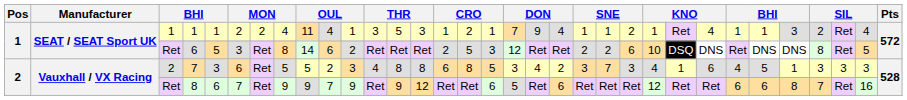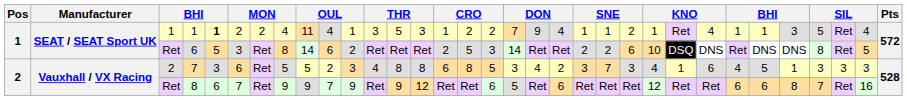 <table class="wikitable" style="font-size: 85%; text-align: center;">
 <tr valign="top">
 <th valign="middle">Pos</th>
 <th valign="middle">Manufacturer</th>
 <th colspan="3"><a href='#'>BHI</a></th>
 <th colspan="3"><a href='#'>MON</a></th>
 <th colspan="3"><a href='#'>OUL</a></th>
 <th colspan="3"><a href='#'>THR</a></th>
 <th colspan="3"><a href='#'>CRO</a></th>
 <th colspan="3"><a href='#'>DON</a></th>
 <th colspan="3"><a href='#'>SNE</a></th>
 <th colspan="3"><a href='#'>KNO</a></th>
 <th colspan="3"><a href='#'>BHI</a></th>
 <th colspan="3"><a href='#'>SIL</a></th>
 <th valign=middle>Pts</th>
 </tr>
 <tr>
 <th rowspan=2>1</th>
 <th rowspan=2 align=left nowrap><a href='#'>SEAT</a> / <a href='#'>SEAT Sport UK</a></th>
 <td style="background:#FFFFBF;" width="20">1</td>
 <td style="background:#FFFFBF;" width="20">1</td>
-<td style="background:#FFFFBF;" width="20">1</td>
+<td style="background:#FFFFBF;" width="20"><strong>1</strong></td>
 <td style="background:#FFFFBF;" width="20">2</td>
 <td style="background:#FFFFBF;" width="20">2</td>
 <td style="background:#FFFFBF;" width="20">4</td>
 <td style="background:#FFDF9F;">11</td>
 <td style="background:#DFDFDF;">4</td>
 <td style="background:#FFFFBF;" width="20">1</td>
 <td style="background:#FFFFBF;" width="20">3</td>
 <td style="background:#FFFFBF;" width="20">5</td>
 <td style="background:#FFFFBF;" width="20">3</td>
 <td style="background:#FFFFBF;" width="20">1</td>
 <td style="background:#FFFFBF;" width="20">2</td>
-<td style="background:#FFFFBF;" width="20">1</td>
+<td style="background:#FFFFBF;" width="20">2</td>
 <td style="background:#FFDF9F;">7</td>
 <td style="background:#DFDFDF;">9</td>
 <td style="background:#DFDFDF;">4</td>
 <td style="background:#FFFFBF;" width="20">1</td>
 <td style="background:#FFFFBF;" width="20">1</td>
 <td style="background:#FFFFBF;" width="20">2</td>
 <td style="background:#FFFFBF;" width="20">1</td>
 <td style="background:#EFCFFF;">Ret</td>
 <td style="background:#FFFFBF;" width="20">4</td>
 <td style="background:#FFFFBF;" width="20">1</td>
 <td style="background:#FFFFBF;" width="20">1</td>
 <td style="background:#DFDFDF;">3</td>
-<td style="background:#DFDFDF;">2</td>
+<td style="background:#DFDFDF;">5</td>
 <td style="background:#EFCFFF;">Ret</td>
 <td style="background:#DFDFDF;">4</td>
 <th rowspan=2>572</th>
 </tr>
 <tr>
 <td style="background:#EFCFFF;">Ret</td>
 <td style="background:#DFDFDF;">6</td>
 <td style="background:#FFDF9F;">5</td>
 <td style="background:#DFDFDF;">3</td>
 <td style="background:#EFCFFF;">Ret</td>
 <td style="background:#FFDF9F;">8</td>
 <td style="background:#DFFFDF;">14</td>
 <td style="background:#FFDF9F;">6</td>
 <td style="background:#DFDFDF;">2</td>
 <td style="background:#EFCFFF;">Ret</td>
 <td style="background:#EFCFFF;">Ret</td>
 <td style="background:#EFCFFF;">Ret</td>
 <td style="background:#DFDFDF;">2</td>
 <td style="background:#DFDFDF;">5</td>
 <td style="background:#DFDFDF;">3</td>
-<td style="background:#DFFFDF;">12</td>
+<td style="background:#DFFFDF;">14</td>
 <td style="background:#EFCFFF;">Ret</td>
 <td style="background:#EFCFFF;">Ret</td>
 <td style="background:#DFDFDF;">2</td>
 <td style="background:#DFDFDF;">2</td>
 <td style="background:#FFDF9F;">6</td>
 <td style="background:#FFDF9F;">10</td>
 <td style="background:#000000; color:white">DSQ</td>
 <td style="background:#ffffff;">DNS</td>
 <td style="background:#EFCFFF;">Ret</td>
 <td style="background:#ffffff;">DNS</td>
 <td style="background:#ffffff;">DNS</td>
 <td style="background:#DFFFDF;">8</td>
 <td style="background:#EFCFFF;">Ret</td>
 <td style="background:#FFDF9F;">5</td>
 </tr>
 <tr>
 <th rowspan=2>2</th>
 <th rowspan=2 align=left><a href='#'>Vauxhall</a> / <a href='#'>VX Racing</a></th>
 <td style="background:#DFDFDF;">2</td>
 <td style="background:#FFDF9F;">7</td>
 <td style="background:#DFDFDF;">3</td>
 <td style="background:#FFDF9F;">6</td>
 <td style="background:#EFCFFF;">Ret</td>
 <td style="background:#DFDFDF;">5</td>
 <td style="background:#FFFFBF;" width="20">5</td>
 <td style="background:#FFFFBF;" width="20">2</td>
 <td style="background:#FFDF9F;">3</td>
 <td style="background:#DFDFDF;">4</td>
 <td style="background:#DFDFDF;">8</td>
 <td style="background:#DFDFDF;">8</td>
 <td style="background:#FFDF9F;">6</td>
 <td style="background:#FFDF9F;">8</td>
 <td style="background:#FFDF9F;">5</td>
 <td style="background:#FFFFBF;" width="20">3</td>
 <td style="background:#FFFFBF;" width="20">4</td>
 <td style="background:#FFFFBF;" width="20">2</td>
 <td style="background:#FFDF9F;">3</td>
 <td style="background:#FFDF9F;">7</td>
 <td style="background:#DFDFDF;">3</td>
 <td style="background:#DFDFDF;">4</td>
 <td style="background:#FFFFBF;" width="20">1</td>
 <td style="background:#DFDFDF;">6</td>
 <td style="background:#DFDFDF;">4</td>
 <td style="background:#DFDFDF;">5</td>
 <td style="background:#FFFFBF;" width="20">1</td>
 <td style="background:#FFFFBF;" width="20">3</td>
 <td style="background:#FFFFBF;" width="20">3</td>
 <td style="background:#FFFFBF;" width="20">3</td>
 <th rowspan=2>528</th>
 </tr>
 <tr>
 <td style="background:#EFCFFF;">Ret</td>
 <td style="background:#DFFFDF;">8</td>
 <td style="background:#DFFFDF;">6</td>
 <td style="background:#DFFFDF;">7</td>
 <td style="background:#EFCFFF;">Ret</td>
 <td style="background:#DFFFDF;">9</td>
 <td style="background:#DFDFDF;">9</td>
 <td style="background:#DFFFDF;">7</td>
 <td style="background:#DFFFDF;">9</td>
 <td style="background:#EFCFFF;">Ret</td>
 <td style="background:#FFDF9F;">9</td>
 <td style="background:#FFDF9F;">12</td>
 <td style="background:#EFCFFF;">Ret</td>
 <td style="background:#EFCFFF;">Ret</td>
 <td style="background:#DFFFDF;">6</td>
 <td style="background:#DFDFDF;">5</td>
 <td style="background:#EFCFFF;">Ret</td>
 <td style="background:#FFDF9F;">6</td>
 <td style="background:#EFCFFF;">Ret</td>
 <td style="background:#EFCFFF;">Ret</td>
 <td style="background:#EFCFFF;">Ret</td>
 <td style="background:#DFFFDF;">12</td>
 <td style="background:#EFCFFF;">Ret</td>
 <td style="background:#EFCFFF;">Ret</td>
 <td style="background:#FFDF9F;">6</td>
 <td style="background:#FFDF9F;">6</td>
 <td style="background:#FFDF9F;">8</td>
 <td style="background:#FFDF9F;">7</td>
 <td style="background:#EFCFFF;">Ret</td>
 <td style="background:#DFFFDF;">16</td>
 </tr>
 </table>
